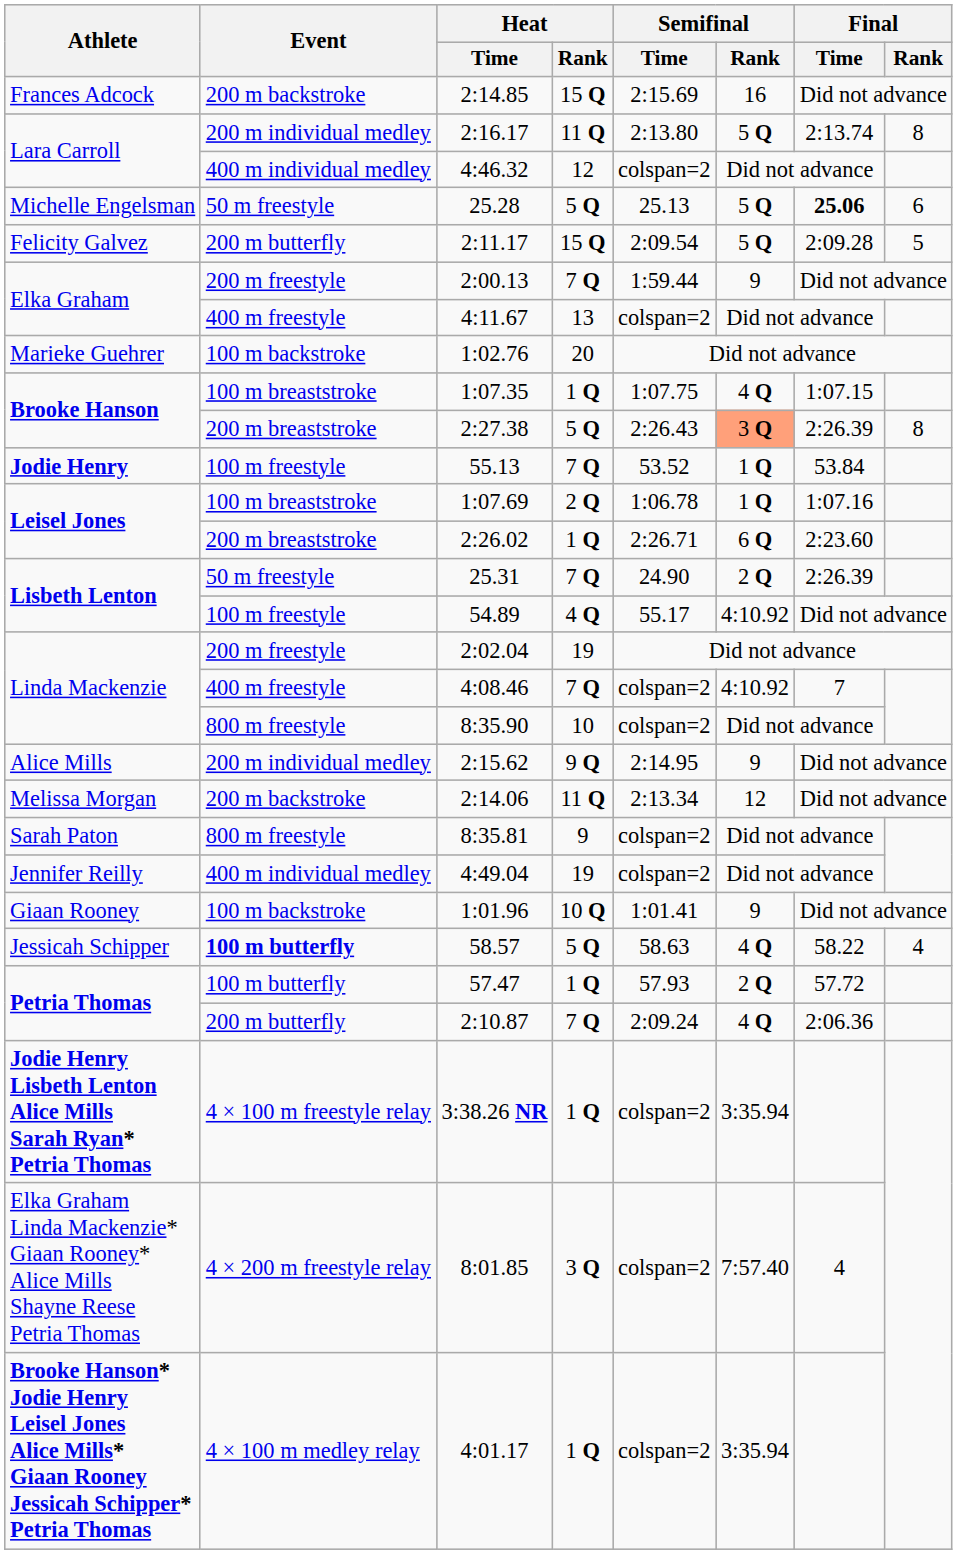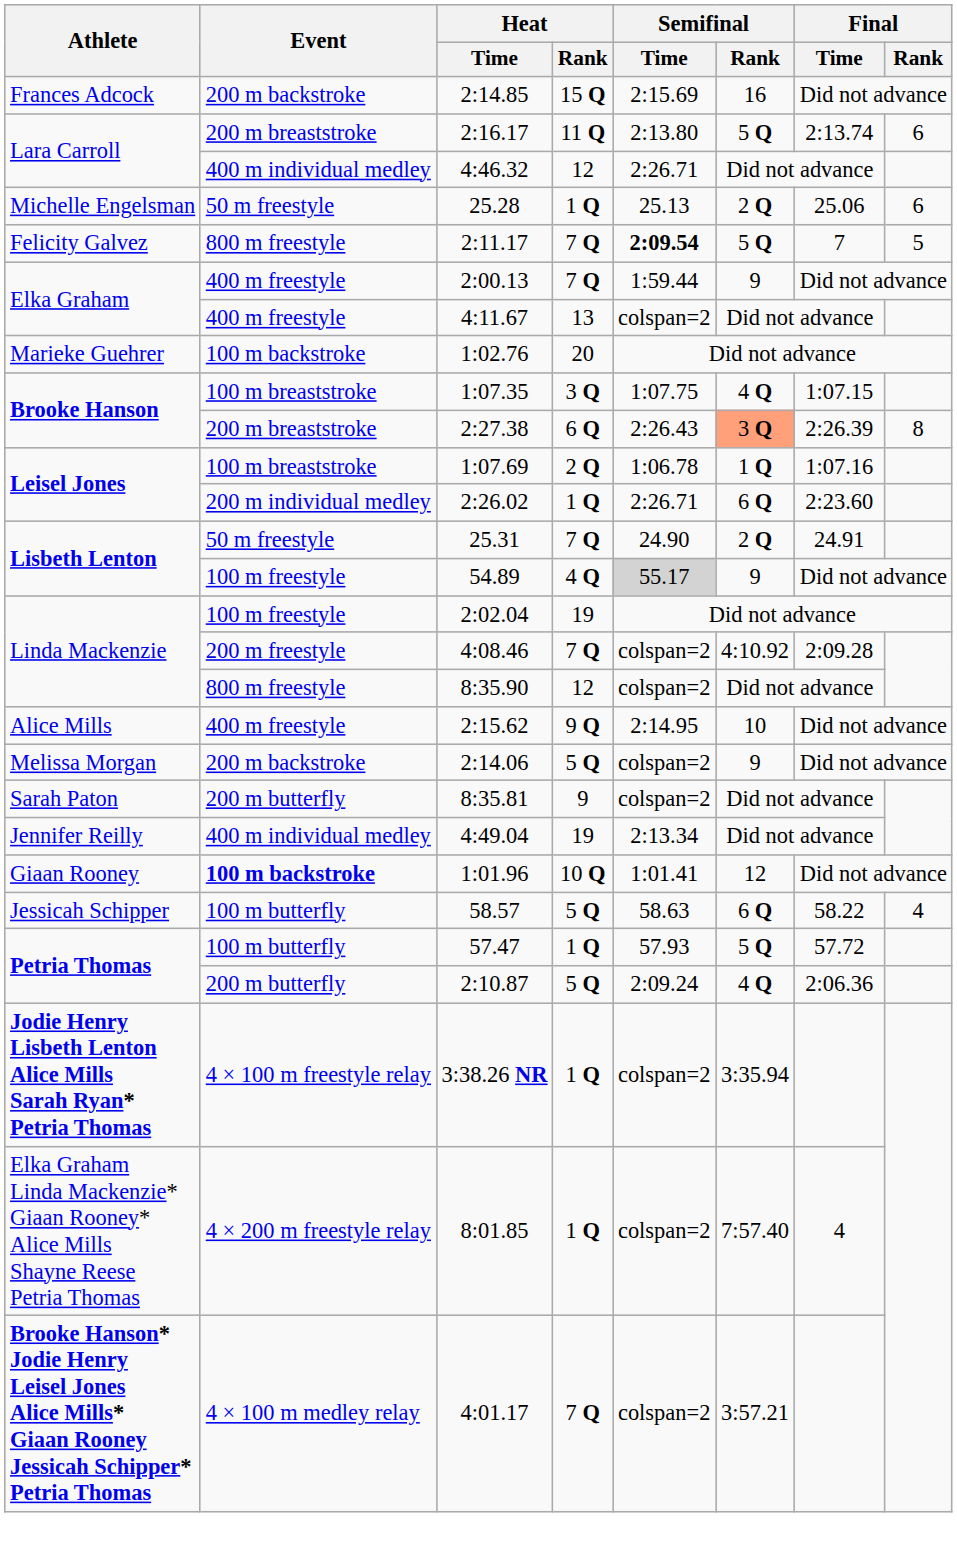 <table class="wikitable" style="font-size:90%;">
 <tr>
 <th rowspan=2>Athlete</th>
 <th rowspan=2>Event</th>
 <th colspan="2">Heat</th>
 <th colspan="2">Semifinal</th>
 <th colspan="2">Final</th>
 </tr>
 <tr style="font-size:95%">
 <th>Time</th>
 <th>Rank</th>
 <th>Time</th>
 <th>Rank</th>
 <th>Time</th>
 <th>Rank</th>
 </tr>
 <tr align=center>
 <td align=left><a href='#'>Frances Adcock</a></td>
 <td align=left><a href='#'>200 m backstroke</a></td>
 <td>2:14.85</td>
 <td>15 <strong>Q</strong></td>
 <td>2:15.69</td>
 <td>16</td>
 <td colspan=2>Did not advance</td>
 </tr>
 <tr align=center>
 <td align=left rowspan=2><a href='#'>Lara Carroll</a></td>
-<td align=left><a href='#'>200 m individual medley</a></td>
+<td align=left><a href='#'>200 m breaststroke</a></td>
 <td>2:16.17</td>
 <td>11 <strong>Q</strong></td>
 <td>2:13.80</td>
 <td>5 <strong>Q</strong></td>
 <td>2:13.74</td>
-<td>8</td>
+<td>6</td>
 </tr>
 <tr align=center>
 <td align=left><a href='#'>400 m individual medley</a></td>
 <td>4:46.32</td>
 <td>12</td>
-<td>colspan=2 </td>
+<td>2:26.71</td>
 <td colspan=2>Did not advance</td>
 </tr>
 <tr align=center>
 <td align=left><a href='#'>Michelle Engelsman</a></td>
 <td align=left><a href='#'>50 m freestyle</a></td>
 <td>25.28</td>
-<td>5 <strong>Q</strong></td>
+<td>1 <strong>Q</strong></td>
 <td>25.13</td>
-<td>5 <strong>Q</strong></td>
-<td><strong>25.06</strong></td>
+<td>2 <strong>Q</strong></td>
+<td>25.06</td>
 <td>6</td>
 </tr>
 <tr align=center>
 <td align=left><a href='#'>Felicity Galvez</a></td>
-<td align=left><a href='#'>200 m butterfly</a></td>
+<td align=left><a href='#'>800 m freestyle</a></td>
 <td>2:11.17</td>
-<td>15 <strong>Q</strong></td>
-<td>2:09.54</td>
+<td>7 <strong>Q</strong></td>
+<td><strong>2:09.54</strong></td>
 <td>5 <strong>Q</strong></td>
-<td>2:09.28</td>
+<td>7</td>
 <td>5</td>
 </tr>
 <tr align=center>
 <td align=left rowspan=2><a href='#'>Elka Graham</a></td>
-<td align=left><a href='#'>200 m freestyle</a></td>
+<td align=left><a href='#'>400 m freestyle</a></td>
 <td>2:00.13</td>
 <td>7 <strong>Q</strong></td>
 <td>1:59.44</td>
 <td>9</td>
 <td colspan=2>Did not advance</td>
 </tr>
 <tr align=center>
 <td align=left><a href='#'>400 m freestyle</a></td>
 <td>4:11.67</td>
 <td>13</td>
 <td>colspan=2 </td>
 <td colspan=2>Did not advance</td>
 </tr>
 <tr align=center>
 <td align=left><a href='#'>Marieke Guehrer</a></td>
 <td align=left><a href='#'>100 m backstroke</a></td>
 <td>1:02.76</td>
 <td>20</td>
 <td colspan=4>Did not advance</td>
 </tr>
 <tr align=center>
 <td align=left rowspan=2><strong><a href='#'>Brooke Hanson</a></strong></td>
 <td align=left><a href='#'>100 m breaststroke</a></td>
 <td>1:07.35</td>
-<td>1 <strong>Q</strong></td>
+<td>3 <strong>Q</strong></td>
 <td>1:07.75</td>
 <td>4 <strong>Q</strong></td>
 <td>1:07.15</td>
 <td></td>
 </tr>
 <tr align=center>
 <td align=left><a href='#'>200 m breaststroke</a></td>
 <td>2:27.38</td>
-<td>5 <strong>Q</strong></td>
+<td>6 <strong>Q</strong></td>
 <td>2:26.43</td>
 <td style="background: lightsalmon;">3 <strong>Q</strong></td>
 <td>2:26.39</td>
 <td>8</td>
-</tr>
-<tr align=center>
-<td align=left><strong><a href='#'>Jodie Henry</a></strong></td>
-<td align=left><a href='#'>100 m freestyle</a></td>
-<td>55.13</td>
-<td>7 <strong>Q</strong></td>
-<td>53.52 </td>
-<td>1 <strong>Q</strong></td>
-<td>53.84</td>
-<td></td>
 </tr>
 <tr align=center>
 <td align=left rowspan=2><strong><a href='#'>Leisel Jones</a></strong></td>
 <td align=left><a href='#'>100 m breaststroke</a></td>
 <td>1:07.69</td>
 <td>2 <strong>Q</strong></td>
 <td>1:06.78 </td>
 <td>1 <strong>Q</strong></td>
 <td>1:07.16</td>
 <td></td>
 </tr>
 <tr align=center>
-<td align=left><a href='#'>200 m breaststroke</a></td>
+<td align=left><a href='#'>200 m individual medley</a></td>
 <td>2:26.02</td>
 <td>1 <strong>Q</strong></td>
 <td>2:26.71</td>
 <td>6 <strong>Q</strong></td>
 <td>2:23.60</td>
 <td></td>
 </tr>
 <tr align=center>
 <td align=left rowspan=2><strong><a href='#'>Lisbeth Lenton</a></strong></td>
 <td align=left><a href='#'>50 m freestyle</a></td>
 <td>25.31</td>
 <td>7 <strong>Q</strong></td>
 <td>24.90</td>
 <td>2 <strong>Q</strong></td>
-<td>2:26.39</td>
+<td>24.91</td>
 <td></td>
 </tr>
 <tr align=center>
 <td align=left><a href='#'>100 m freestyle</a></td>
 <td>54.89</td>
 <td>4 <strong>Q</strong></td>
-<td>55.17</td>
-<td>4:10.92</td>
+<td style="background: lightgrey;">55.17</td>
+<td>9</td>
 <td colspan=2>Did not advance</td>
 </tr>
 <tr align=center>
 <td align=left rowspan=3><a href='#'>Linda Mackenzie</a></td>
-<td align=left><a href='#'>200 m freestyle</a></td>
+<td align=left><a href='#'>100 m freestyle</a></td>
 <td>2:02.04</td>
 <td>19</td>
 <td colspan=4>Did not advance</td>
 </tr>
 <tr align=center>
-<td align=left><a href='#'>400 m freestyle</a></td>
+<td align=left><a href='#'>200 m freestyle</a></td>
 <td>4:08.46</td>
 <td>7 <strong>Q</strong></td>
 <td>colspan=2 </td>
 <td>4:10.92</td>
-<td>7</td>
+<td>2:09.28</td>
 </tr>
 <tr align=center>
 <td align=left><a href='#'>800 m freestyle</a></td>
 <td>8:35.90</td>
-<td>10</td>
+<td>12</td>
 <td>colspan=2 </td>
 <td colspan=2>Did not advance</td>
 </tr>
 <tr align=center>
 <td align=left><a href='#'>Alice Mills</a></td>
-<td align=left><a href='#'>200 m individual medley</a></td>
+<td align=left><a href='#'>400 m freestyle</a></td>
 <td>2:15.62</td>
 <td>9 <strong>Q</strong></td>
 <td>2:14.95</td>
-<td>9</td>
+<td>10</td>
 <td colspan=2>Did not advance</td>
 </tr>
 <tr align=center>
 <td align=left><a href='#'>Melissa Morgan</a></td>
 <td align=left><a href='#'>200 m backstroke</a></td>
 <td>2:14.06</td>
-<td>11 <strong>Q</strong></td>
-<td>2:13.34</td>
-<td>12</td>
+<td>5 <strong>Q</strong></td>
+<td>colspan=2 </td>
+<td>9</td>
 <td colspan=2>Did not advance</td>
 </tr>
 <tr align=center>
 <td align=left><a href='#'>Sarah Paton</a></td>
-<td align=left><a href='#'>800 m freestyle</a></td>
+<td align=left><a href='#'>200 m butterfly</a></td>
 <td>8:35.81</td>
 <td>9</td>
 <td>colspan=2 </td>
 <td colspan=2>Did not advance</td>
 </tr>
 <tr align=center>
 <td align=left><a href='#'>Jennifer Reilly</a></td>
 <td align=left><a href='#'>400 m individual medley</a></td>
 <td>4:49.04</td>
 <td>19</td>
-<td>colspan=2 </td>
+<td>2:13.34</td>
 <td colspan=2>Did not advance</td>
 </tr>
 <tr align=center>
 <td align=left><a href='#'>Giaan Rooney</a></td>
-<td align=left><a href='#'>100 m backstroke</a></td>
+<td align=left><strong><a href='#'>100 m backstroke</a></strong></td>
 <td>1:01.96</td>
 <td>10 <strong>Q</strong></td>
 <td>1:01.41</td>
-<td>9</td>
+<td>12</td>
 <td colspan=2>Did not advance</td>
 </tr>
 <tr align=center>
 <td align=left><a href='#'>Jessicah Schipper</a></td>
-<td align=left><strong><a href='#'>100 m butterfly</a></strong></td>
+<td align=left><a href='#'>100 m butterfly</a></td>
 <td>58.57</td>
 <td>5 <strong>Q</strong></td>
 <td>58.63</td>
-<td>4 <strong>Q</strong></td>
+<td>6 <strong>Q</strong></td>
 <td>58.22</td>
 <td>4</td>
 </tr>
 <tr align=center>
 <td align=left rowspan=2><strong><a href='#'>Petria Thomas</a></strong></td>
 <td align=left><a href='#'>100 m butterfly</a></td>
 <td>57.47</td>
 <td>1 <strong>Q</strong></td>
 <td>57.93</td>
-<td>2 <strong>Q</strong></td>
+<td>5 <strong>Q</strong></td>
 <td>57.72</td>
 <td></td>
 </tr>
 <tr align=center>
 <td align=left><a href='#'>200 m butterfly</a></td>
 <td>2:10.87</td>
-<td>7 <strong>Q</strong></td>
+<td>5 <strong>Q</strong></td>
 <td>2:09.24</td>
 <td>4 <strong>Q</strong></td>
 <td>2:06.36</td>
 <td></td>
 </tr>
 <tr align=center>
 <td align=left><strong><a href='#'>Jodie Henry</a><br><a href='#'>Lisbeth Lenton</a><br><a href='#'>Alice Mills</a><br><a href='#'>Sarah Ryan</a>*<br><a href='#'>Petria Thomas</a></strong></td>
 <td align=left><a href='#'>4 × 100 m freestyle relay</a></td>
 <td>3:38.26 <strong><a href='#'>NR</a></strong></td>
 <td>1 <strong>Q</strong></td>
 <td>colspan=2 </td>
 <td>3:35.94 </td>
 <td></td>
 </tr>
 <tr align=center>
 <td align=left><a href='#'>Elka Graham</a><br><a href='#'>Linda Mackenzie</a>*<br><a href='#'>Giaan Rooney</a>*<br><a href='#'>Alice Mills</a><br><a href='#'>Shayne Reese</a><br><a href='#'>Petria Thomas</a></td>
 <td align=left><a href='#'>4 × 200 m freestyle relay</a></td>
 <td>8:01.85</td>
-<td>3 <strong>Q</strong></td>
+<td>1 <strong>Q</strong></td>
 <td>colspan=2 </td>
 <td>7:57.40</td>
 <td>4</td>
 </tr>
 <tr align=center>
 <td align=left><strong><a href='#'>Brooke Hanson</a>*<br><a href='#'>Jodie Henry</a><br><a href='#'>Leisel Jones</a><br><a href='#'>Alice Mills</a>*<br><a href='#'>Giaan Rooney</a><br><a href='#'>Jessicah Schipper</a>*<br><a href='#'>Petria Thomas</a></strong></td>
 <td align=left><a href='#'>4 × 100 m medley relay</a></td>
 <td>4:01.17</td>
-<td>1 <strong>Q</strong></td>
+<td>7 <strong>Q</strong></td>
 <td>colspan=2 </td>
-<td>3:35.94 </td>
+<td>3:57.21 </td>
 <td></td>
 </tr>
 </table>
